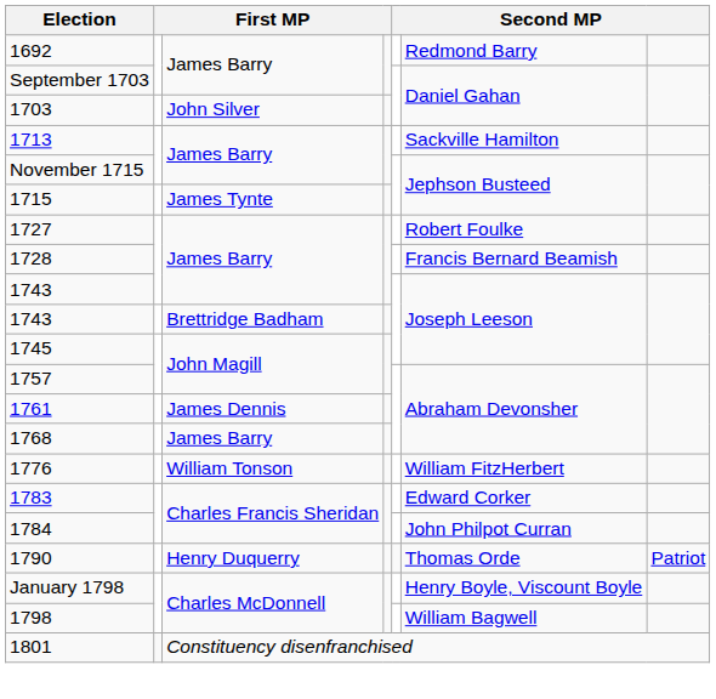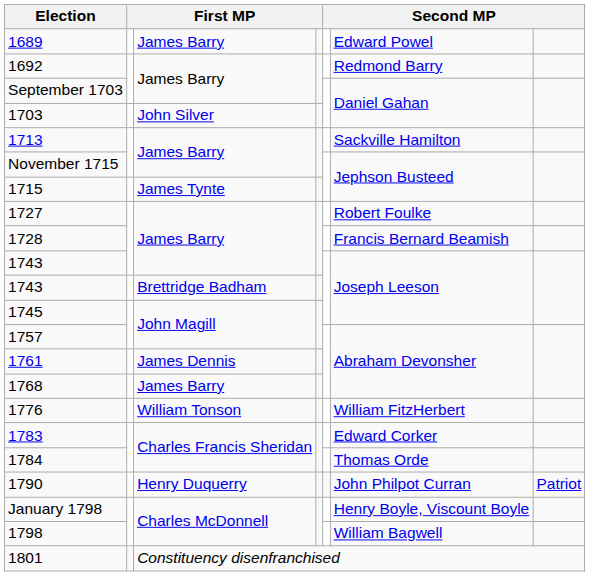 <table class="wikitable">
 <tr>
 <th>Election</th>
 <th colspan=3>First MP</th>
 <th colspan=3>Second MP</th>
+</tr>
+<tr>
+<td><a href='#'>1689</a></td>
+<td style="background-color: white"></td>
+<td><a href='#'>James Barry</a></td>
+<td></td>
+<td style="background-color: white"></td>
+<td><a href='#'>Edward Powel</a></td>
+<td></td>
 </tr>
 <tr>
 <td>1692</td>
 <td rowspan="2" style="background-color: white"></td>
 <td rowspan="2">James Barry</td>
 <td rowspan="2"></td>
 <td style="background-color: white"></td>
 <td><a href='#'>Redmond Barry</a></td>
 <td></td>
 </tr>
 <tr>
 <td>September 1703</td>
 <td rowspan="2" style="background-color: white"></td>
 <td rowspan="2"><a href='#'>Daniel Gahan</a></td>
 <td rowspan="2"></td>
 </tr>
 <tr>
 <td>1703</td>
 <td style="background-color: white"></td>
 <td><a href='#'>John Silver</a></td>
 <td></td>
 </tr>
 <tr>
 <td><a href='#'>1713</a></td>
 <td rowspan="2" style="background-color: white"></td>
 <td rowspan="2"><a href='#'>James Barry</a></td>
 <td rowspan="2"></td>
 <td style="background-color: white"></td>
 <td><a href='#'>Sackville Hamilton</a></td>
 <td></td>
 </tr>
 <tr>
 <td>November 1715</td>
 <td rowspan="2" style="background-color: white"></td>
 <td rowspan="2"><a href='#'>Jephson Busteed</a></td>
 <td rowspan="2"></td>
 </tr>
 <tr>
 <td>1715</td>
 <td style="background-color: white"></td>
 <td><a href='#'>James Tynte</a></td>
 <td></td>
 </tr>
 <tr>
 <td>1727</td>
 <td rowspan="3" style="background-color: white"></td>
 <td rowspan="3"><a href='#'>James Barry</a></td>
 <td rowspan="3"></td>
 <td style="background-color: white"></td>
 <td><a href='#'>Robert Foulke</a></td>
 <td></td>
 </tr>
 <tr>
 <td>1728</td>
 <td style="background-color: white"></td>
 <td><a href='#'>Francis Bernard Beamish</a></td>
 <td></td>
 </tr>
 <tr>
 <td>1743</td>
 <td rowspan="3" style="background-color: white"></td>
 <td rowspan="3"><a href='#'>Joseph Leeson</a></td>
 <td rowspan="3"></td>
 </tr>
 <tr>
 <td>1743</td>
 <td style="background-color: white"></td>
 <td><a href='#'>Brettridge Badham</a></td>
 <td></td>
 </tr>
 <tr>
 <td>1745</td>
 <td rowspan="2" style="background-color: white"></td>
 <td rowspan="2"><a href='#'>John Magill</a></td>
 <td rowspan="2"></td>
 </tr>
 <tr>
 <td>1757</td>
 <td rowspan="3" style="background-color: white"></td>
 <td rowspan="3"><a href='#'>Abraham Devonsher</a></td>
 <td rowspan="3"></td>
 </tr>
 <tr>
 <td><a href='#'>1761</a></td>
 <td style="background-color: white"></td>
 <td><a href='#'>James Dennis</a></td>
 <td></td>
 </tr>
 <tr>
 <td>1768</td>
 <td style="background-color: white"></td>
 <td><a href='#'>James Barry</a></td>
 <td></td>
 </tr>
 <tr>
 <td>1776</td>
 <td style="background-color: white"></td>
 <td><a href='#'>William Tonson</a></td>
 <td></td>
 <td style="background-color: white"></td>
 <td><a href='#'>William FitzHerbert</a></td>
 <td></td>
 </tr>
 <tr>
 <td><a href='#'>1783</a></td>
 <td rowspan="2" style="background-color: white"></td>
 <td rowspan="2"><a href='#'>Charles Francis Sheridan</a></td>
 <td rowspan="2"></td>
 <td style="background-color: white"></td>
 <td><a href='#'>Edward Corker</a></td>
 <td></td>
 </tr>
 <tr>
 <td>1784</td>
 <td style="background-color: white"></td>
-<td><a href='#'>John Philpot Curran</a></td>
+<td><a href='#'>Thomas Orde</a></td>
 <td></td>
 </tr>
 <tr>
 <td>1790</td>
 <td style="background-color: white"></td>
 <td><a href='#'>Henry Duquerry</a></td>
 <td></td>
 <td style="background-color: "></td>
-<td><a href='#'>Thomas Orde</a></td>
+<td><a href='#'>John Philpot Curran</a></td>
 <td><a href='#'>Patriot</a></td>
 </tr>
 <tr>
 <td>January 1798</td>
 <td rowspan="2" style="background-color: white"></td>
 <td rowspan="2"><a href='#'>Charles McDonnell</a></td>
 <td rowspan="2"></td>
 <td style="background-color: white"></td>
 <td><a href='#'>Henry Boyle, Viscount Boyle</a></td>
 <td></td>
 </tr>
 <tr>
 <td>1798</td>
 <td style="background-color: white"></td>
 <td><a href='#'>William Bagwell</a></td>
 <td></td>
 </tr>
 <tr>
 <td>1801</td>
 <td></td>
 <td colspan = "5"><em>Constituency disenfranchised</em></td>
 </tr>
 </table>
